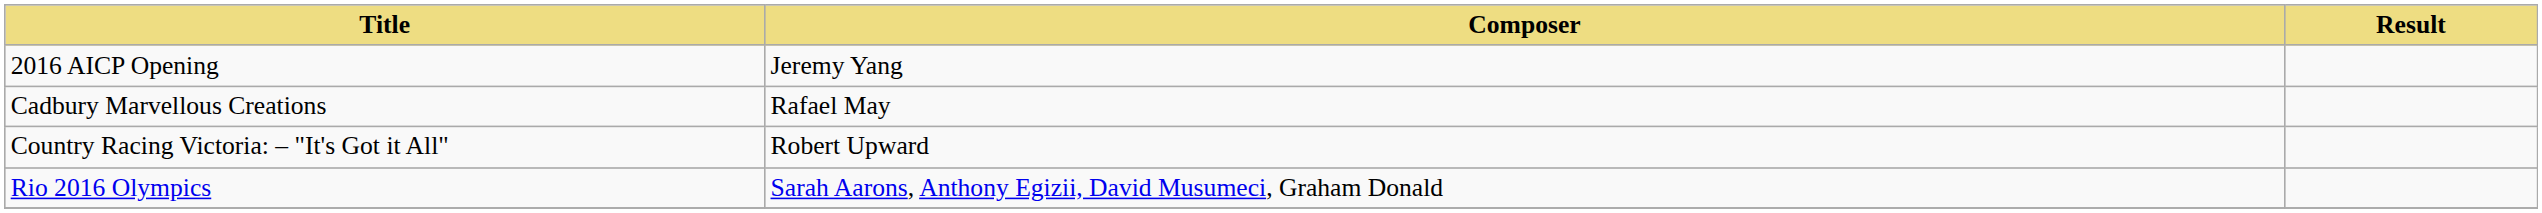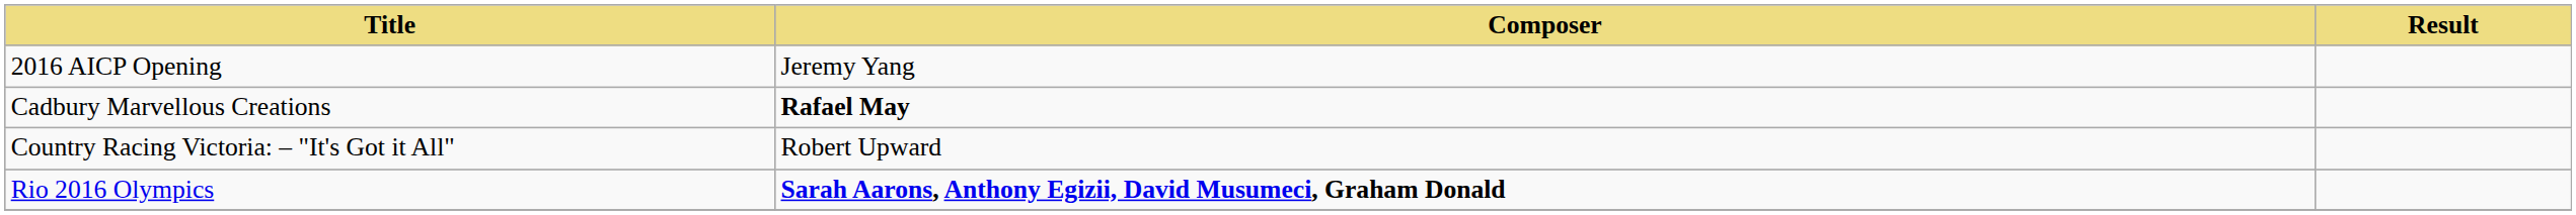 <table class="wikitable" width=100%>
 <tr>
 <th style="width:30%;background:#EEDD82;">Title</th>
 <th style="width:60%;background:#EEDD82;">Composer</th>
 <th style="width:10%;background:#EEDD82;">Result<br></th>
 </tr>
 <tr>
 <td>2016 AICP Opening</td>
 <td>Jeremy Yang</td>
 <td></td>
 </tr>
 <tr>
 <td>Cadbury Marvellous Creations</td>
-<td>Rafael May</td>
+<td><strong>Rafael May</strong></td>
 <td></td>
 </tr>
 <tr>
 <td>Country Racing Victoria: – "It's Got it All"</td>
 <td>Robert Upward</td>
 <td></td>
 </tr>
 <tr>
 <td><a href='#'>Rio 2016 Olympics</a></td>
-<td><a href='#'>Sarah Aarons</a>, <a href='#'>Anthony Egizii, David Musumeci</a>, Graham Donald</td>
+<td><strong><a href='#'>Sarah Aarons</a>, <a href='#'>Anthony Egizii, David Musumeci</a>, Graham Donald</strong></td>
 <td></td>
 </tr>
 <tr>
 </tr>
 </table>
